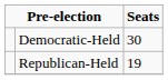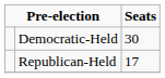 <table class="wikitable">
 <tr>
 <td colspan="2" rowspan="1" align="center" valign="top"><strong>Pre-election</strong></td>
 <td style="vertical-align:top;"><strong>Seats</strong><br></td>
 </tr>
 <tr>
 <td style="background-color:"> </td>
 <td>Democratic-Held</td>
 <td>30</td>
 </tr>
 <tr>
 <td style="background-color:"> </td>
 <td>Republican-Held</td>
-<td>19</td>
+<td>17</td>
 </tr>
 <tr>
 </tr>
 </table>
